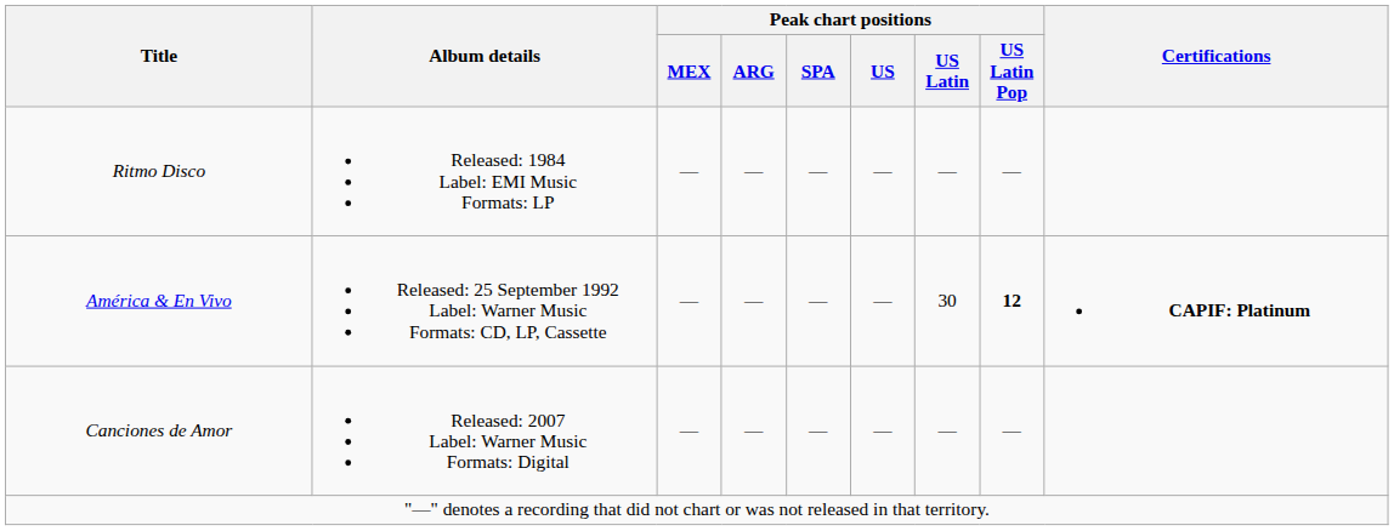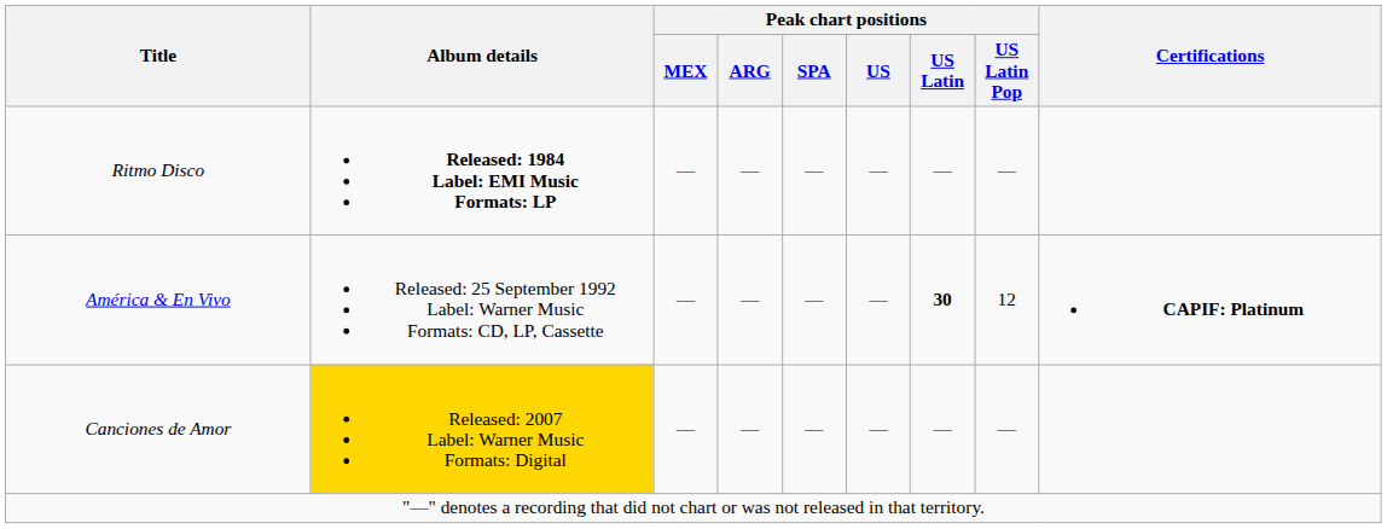 <table class="wikitable plainrowheaders" style="text-align:center;">
 <tr>
 <th scope="col" rowspan="2" style="width:16em;">Title</th>
 <th scope="col" rowspan="2" style="width:18em;">Album details</th>
 <th scope="col" colspan="6">Peak chart positions</th>
 <th scope="col" rowspan="2" style="width:18em;"><a href='#'>Certifications</a></th>
 </tr>
 <tr>
 <th scope="col" style="width:3em;font-size:100%;"><a href='#'>MEX</a></th>
 <th scope="col" style="width:3em;font-size:100%;"><a href='#'>ARG</a></th>
 <th scope="col" style="width:3em;font-size:100%;"><a href='#'>SPA</a></th>
 <th scope="col" style="width:3em;font-size:100%;"><a href='#'>US</a></th>
 <th scope="col" style="width:3em;font-size:100%;"><a href='#'>US<br>Latin</a><br></th>
 <th scope="col" style="width:3em;font-size:100%;"><a href='#'>US<br>Latin Pop</a><br></th>
 </tr>
 <tr>
 <td align="center"><em>Ritmo Disco</em></td>
-<td><br><ul><li>Released: 1984</li><li>Label: EMI Music</li><li>Formats: LP</li></ul></td>
+<td><strong><br><ul><li>Released: 1984</li><li>Label: EMI Music</li><li>Formats: LP</li></ul></strong></td>
 <td>—</td>
 <td>—</td>
 <td>—</td>
 <td>—</td>
 <td>—</td>
 <td>—</td>
 <td></td>
 </tr>
 <tr>
 <td align="center"><em><a href='#'>América & En Vivo</a></em></td>
 <td><br><ul><li>Released: 25 September 1992</li><li>Label: Warner Music</li><li>Formats: CD, LP, Cassette</li></ul></td>
 <td>—</td>
 <td>—</td>
 <td>—</td>
 <td>—</td>
-<td>30</td>
-<td><strong>12</strong></td>
+<td><strong>30</strong></td>
+<td>12</td>
 <td><strong><br><ul><li>CAPIF: Platinum</li></ul></strong></td>
 </tr>
 <tr>
 <td align="center"><em>Canciones de Amor</em></td>
-<td><br><ul><li>Released: 2007</li><li>Label: Warner Music</li><li>Formats: Digital</li></ul></td>
+<td style="background: gold;"><br><ul><li>Released: 2007</li><li>Label: Warner Music</li><li>Formats: Digital</li></ul></td>
 <td>—</td>
 <td>—</td>
 <td>—</td>
 <td>—</td>
 <td>—</td>
 <td>—</td>
 <td></td>
 </tr>
 <tr>
 <td colspan="14" style="font-size:100%">"—" denotes a recording that did not chart or was not released in that territory.</td>
 </tr>
 </table>
